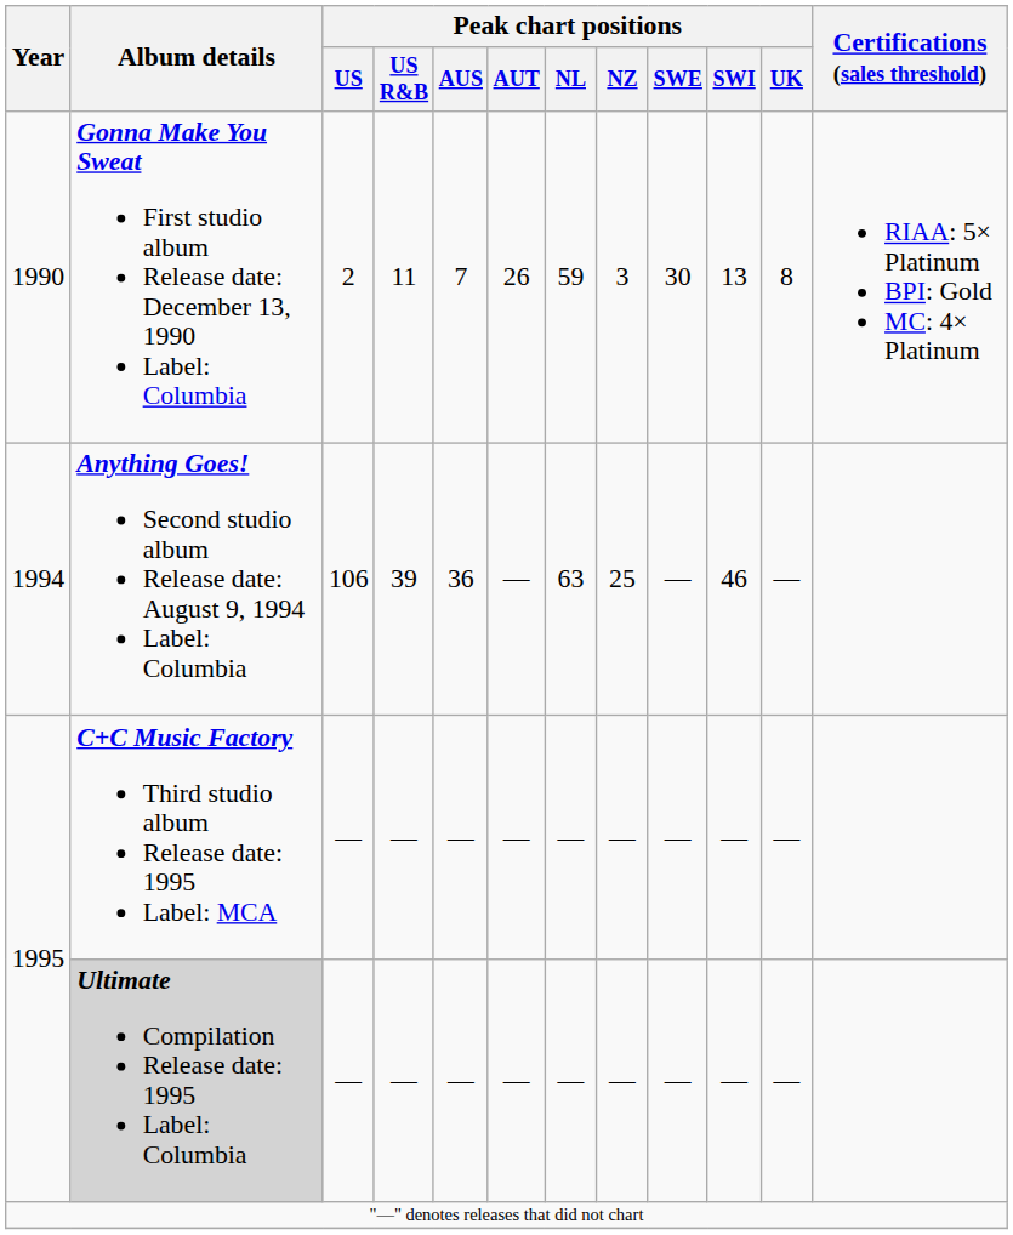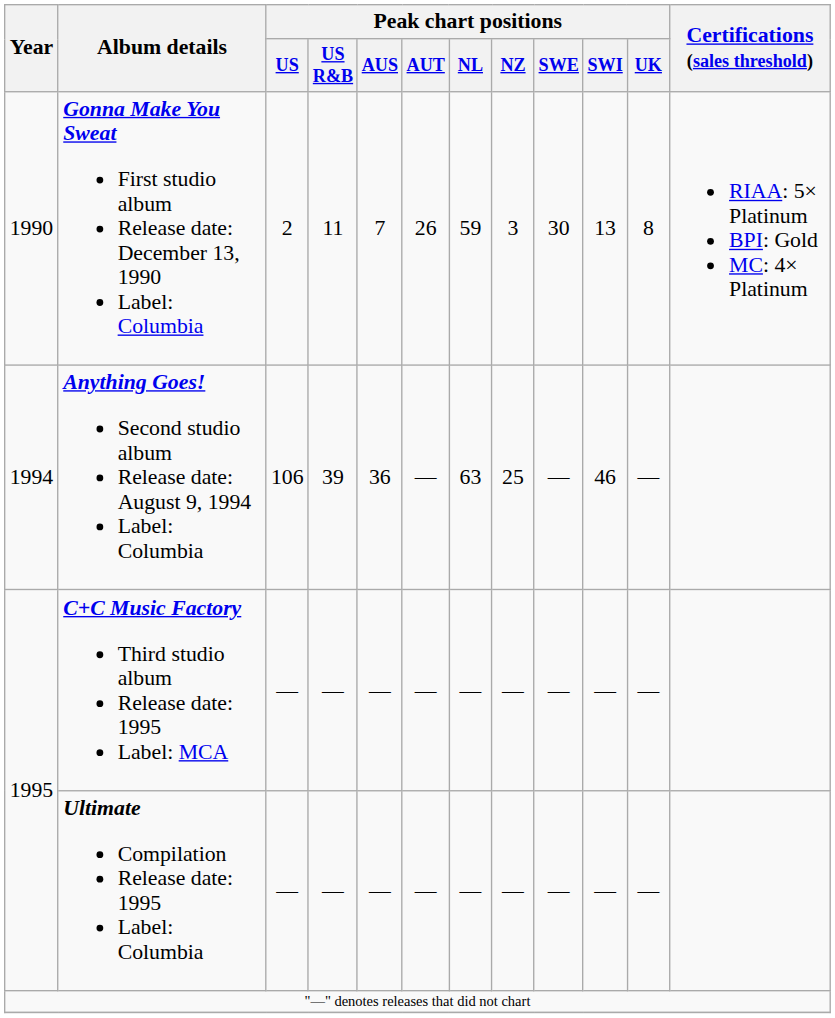 <table class="wikitable" style="text-align:center;">
 <tr>
 <th rowspan="2">Year</th>
 <th rowspan="2">Album details</th>
 <th colspan="9">Peak chart positions</th>
 <th rowspan="2"><a href='#'>Certifications</a><br><small>(<a href='#'>sales threshold</a>)</small></th>
 </tr>
 <tr style="font-size:smaller;">
 <th width="25"><a href='#'>US</a></th>
 <th width="25"><a href='#'>US R&B</a></th>
 <th width="25"><a href='#'>AUS</a></th>
 <th width="25"><a href='#'>AUT</a></th>
 <th width="25"><a href='#'>NL</a></th>
 <th width="25"><a href='#'>NZ</a></th>
 <th width="25"><a href='#'>SWE</a></th>
 <th width="25"><a href='#'>SWI</a></th>
 <th width="25"><a href='#'>UK</a></th>
 </tr>
 <tr>
 <td>1990</td>
 <td align="left"><strong><em><a href='#'>Gonna Make You Sweat</a></em></strong><br><ul><li>First studio album</li><li>Release date: December 13, 1990</li><li>Label: <a href='#'>Columbia</a></li></ul></td>
 <td>2</td>
 <td>11</td>
 <td>7</td>
 <td>26</td>
 <td>59</td>
 <td>3</td>
 <td>30</td>
 <td>13</td>
 <td>8</td>
 <td align="left"><br><ul><li><a href='#'>RIAA</a>: 5× Platinum</li><li><a href='#'>BPI</a>: Gold</li><li><a href='#'>MC</a>: 4× Platinum</li></ul></td>
 </tr>
 <tr>
 <td>1994</td>
 <td align="left"><strong><em><a href='#'>Anything Goes!</a></em></strong><br><ul><li>Second studio album</li><li>Release date: August 9, 1994</li><li>Label: Columbia</li></ul></td>
 <td>106</td>
 <td>39</td>
 <td>36</td>
 <td>—</td>
 <td>63</td>
 <td>25</td>
 <td>—</td>
 <td>46</td>
 <td>—</td>
 <td></td>
 </tr>
 <tr>
 <td rowspan="2">1995</td>
 <td align="left"><strong><em><a href='#'>C+C Music Factory</a></em></strong><br><ul><li>Third studio album</li><li>Release date: 1995</li><li>Label: <a href='#'>MCA</a></li></ul></td>
 <td>—</td>
 <td>—</td>
 <td>—</td>
 <td>—</td>
 <td>—</td>
 <td>—</td>
 <td>—</td>
 <td>—</td>
 <td>—</td>
 <td></td>
 </tr>
 <tr>
-<td align="left" style="background: lightgrey;"><strong><em>Ultimate</em></strong><br><ul><li>Compilation</li><li>Release date: 1995</li><li>Label: Columbia</li></ul></td>
+<td align="left"><strong><em>Ultimate</em></strong><br><ul><li>Compilation</li><li>Release date: 1995</li><li>Label: Columbia</li></ul></td>
 <td>—</td>
 <td>—</td>
 <td>—</td>
 <td>—</td>
 <td>—</td>
 <td>—</td>
 <td>—</td>
 <td>—</td>
 <td>—</td>
 <td></td>
 </tr>
 <tr>
 <td colspan="15" style="font-size:8pt">"—" denotes releases that did not chart</td>
 </tr>
 <tr>
 </tr>
 </table>
